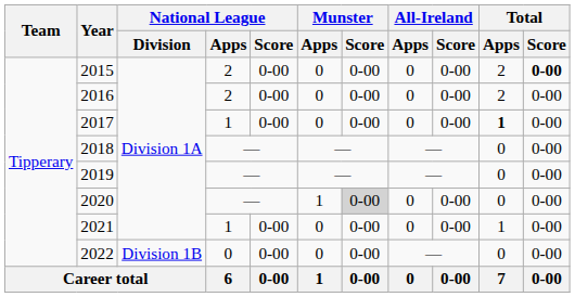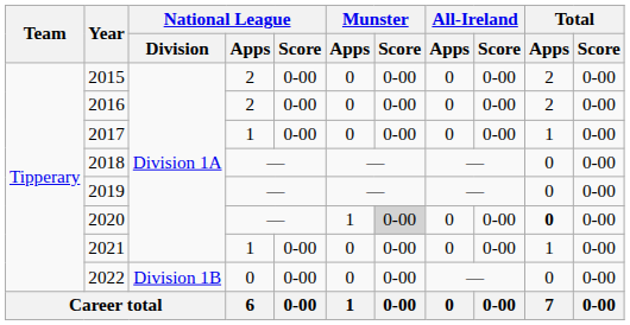 <table class="wikitable" style="text-align:center">
 <tr>
 <th rowspan="2">Team</th>
 <th rowspan="2">Year</th>
 <th colspan="3"><a href='#'>National League</a></th>
 <th colspan="2"><a href='#'>Munster</a></th>
 <th colspan="2"><a href='#'>All-Ireland</a></th>
 <th colspan="2">Total</th>
 </tr>
 <tr>
 <th>Division</th>
 <th>Apps</th>
 <th>Score</th>
 <th>Apps</th>
 <th>Score</th>
 <th>Apps</th>
 <th>Score</th>
 <th>Apps</th>
 <th>Score</th>
 </tr>
 <tr>
 <td rowspan="8"><a href='#'>Tipperary</a></td>
 <td>2015</td>
 <td rowspan="7"><a href='#'>Division 1A</a></td>
 <td>2</td>
 <td>0-00</td>
 <td>0</td>
 <td>0-00</td>
 <td>0</td>
 <td>0-00</td>
 <td>2</td>
-<td><strong>0-00</strong></td>
+<td>0-00</td>
 </tr>
 <tr>
 <td>2016</td>
 <td>2</td>
 <td>0-00</td>
 <td>0</td>
 <td>0-00</td>
 <td>0</td>
 <td>0-00</td>
 <td>2</td>
 <td>0-00</td>
 </tr>
 <tr>
 <td>2017</td>
 <td>1</td>
 <td>0-00</td>
 <td>0</td>
 <td>0-00</td>
 <td>0</td>
 <td>0-00</td>
-<td><strong>1</strong></td>
+<td>1</td>
 <td>0-00</td>
 </tr>
 <tr>
 <td>2018</td>
 <td colspan=2>—</td>
 <td colspan=2>—</td>
 <td colspan=2>—</td>
 <td>0</td>
 <td>0-00</td>
 </tr>
 <tr>
 <td>2019</td>
 <td colspan=2>—</td>
 <td colspan=2>—</td>
 <td colspan=2>—</td>
 <td>0</td>
 <td>0-00</td>
 </tr>
 <tr>
 <td>2020</td>
 <td colspan=2>—</td>
 <td>1</td>
 <td style="background: lightgrey;">0-00</td>
 <td>0</td>
 <td>0-00</td>
-<td>0</td>
+<td><strong>0</strong></td>
 <td>0-00</td>
 </tr>
 <tr>
 <td>2021</td>
 <td>1</td>
 <td>0-00</td>
 <td>0</td>
 <td>0-00</td>
 <td>0</td>
 <td>0-00</td>
 <td>1</td>
 <td>0-00</td>
 </tr>
 <tr>
 <td>2022</td>
 <td><a href='#'>Division 1B</a></td>
 <td>0</td>
 <td>0-00</td>
 <td>0</td>
 <td>0-00</td>
 <td colspan=2>—</td>
 <td>0</td>
 <td>0-00</td>
 </tr>
 <tr>
 <th colspan="3">Career total</th>
 <th>6</th>
 <th>0-00</th>
 <th>1</th>
 <th>0-00</th>
 <th>0</th>
 <th>0-00</th>
 <th>7</th>
 <th>0-00</th>
 </tr>
 </table>
